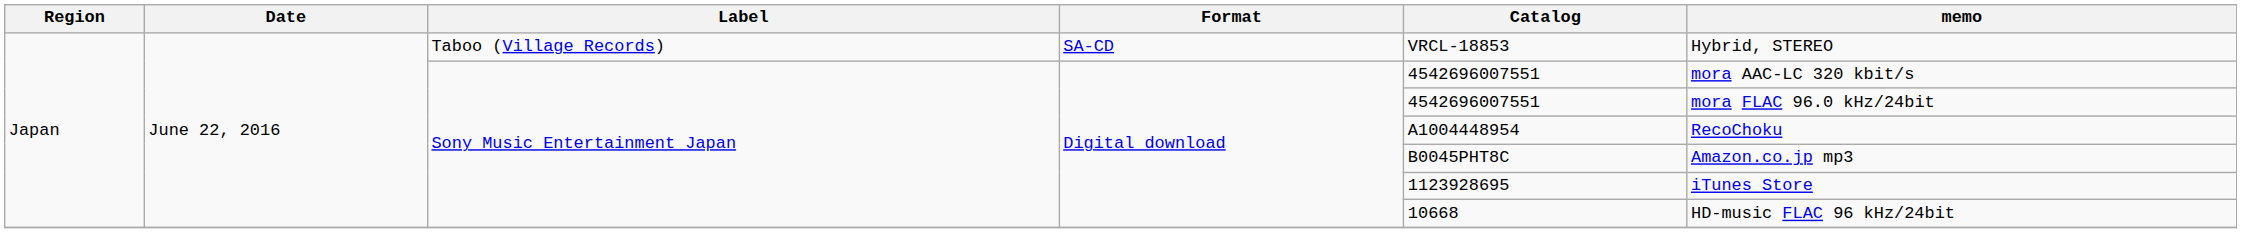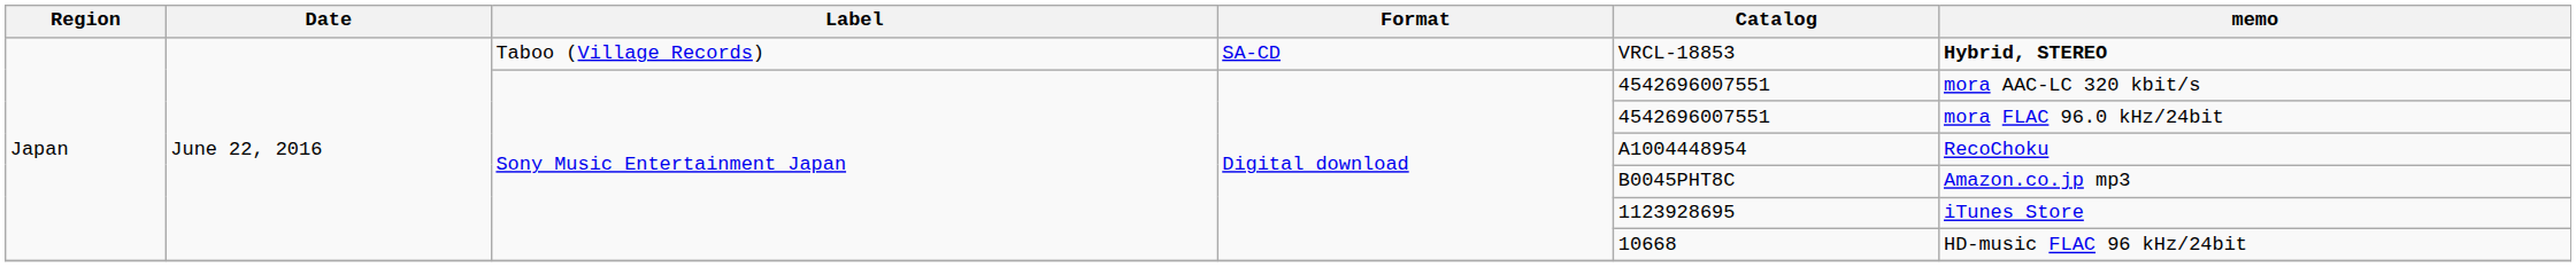 <table class="wikitable sortable" style="margin:0 auto; font-size:small; width:100%">
 <tr>
 <th>Region</th>
 <th>Date</th>
 <th>Label</th>
 <th>Format</th>
 <th>Catalog</th>
 <th>memo</th>
 </tr>
 <tr>
 <td rowspan="7">Japan</td>
 <td rowspan="7">June 22, 2016</td>
 <td>Taboo (<a href='#'>Village Records</a>)</td>
 <td><a href='#'>SA-CD</a></td>
 <td>VRCL-18853</td>
-<td>Hybrid, STEREO</td>
+<td><strong>Hybrid, STEREO</strong></td>
 </tr>
 <tr>
 <td rowspan="6"><a href='#'>Sony Music Entertainment Japan</a></td>
 <td rowspan="6"><a href='#'>Digital download</a></td>
 <td>4542696007551</td>
 <td><a href='#'>mora</a> AAC-LC 320 kbit/s</td>
 </tr>
 <tr>
 <td>4542696007551</td>
 <td><a href='#'>mora</a> <a href='#'>FLAC</a> 96.0 kHz/24bit</td>
 </tr>
 <tr>
 <td>A1004448954</td>
 <td><a href='#'>RecoChoku</a></td>
 </tr>
 <tr>
 <td>B0045PHT8C</td>
 <td><a href='#'>Amazon.co.jp</a> mp3</td>
 </tr>
 <tr>
 <td>1123928695</td>
 <td><a href='#'>iTunes Store</a></td>
 </tr>
 <tr>
 <td>10668</td>
 <td>HD-music <a href='#'>FLAC</a> 96 kHz/24bit</td>
 </tr>
 <tr>
 </tr>
 </table>
